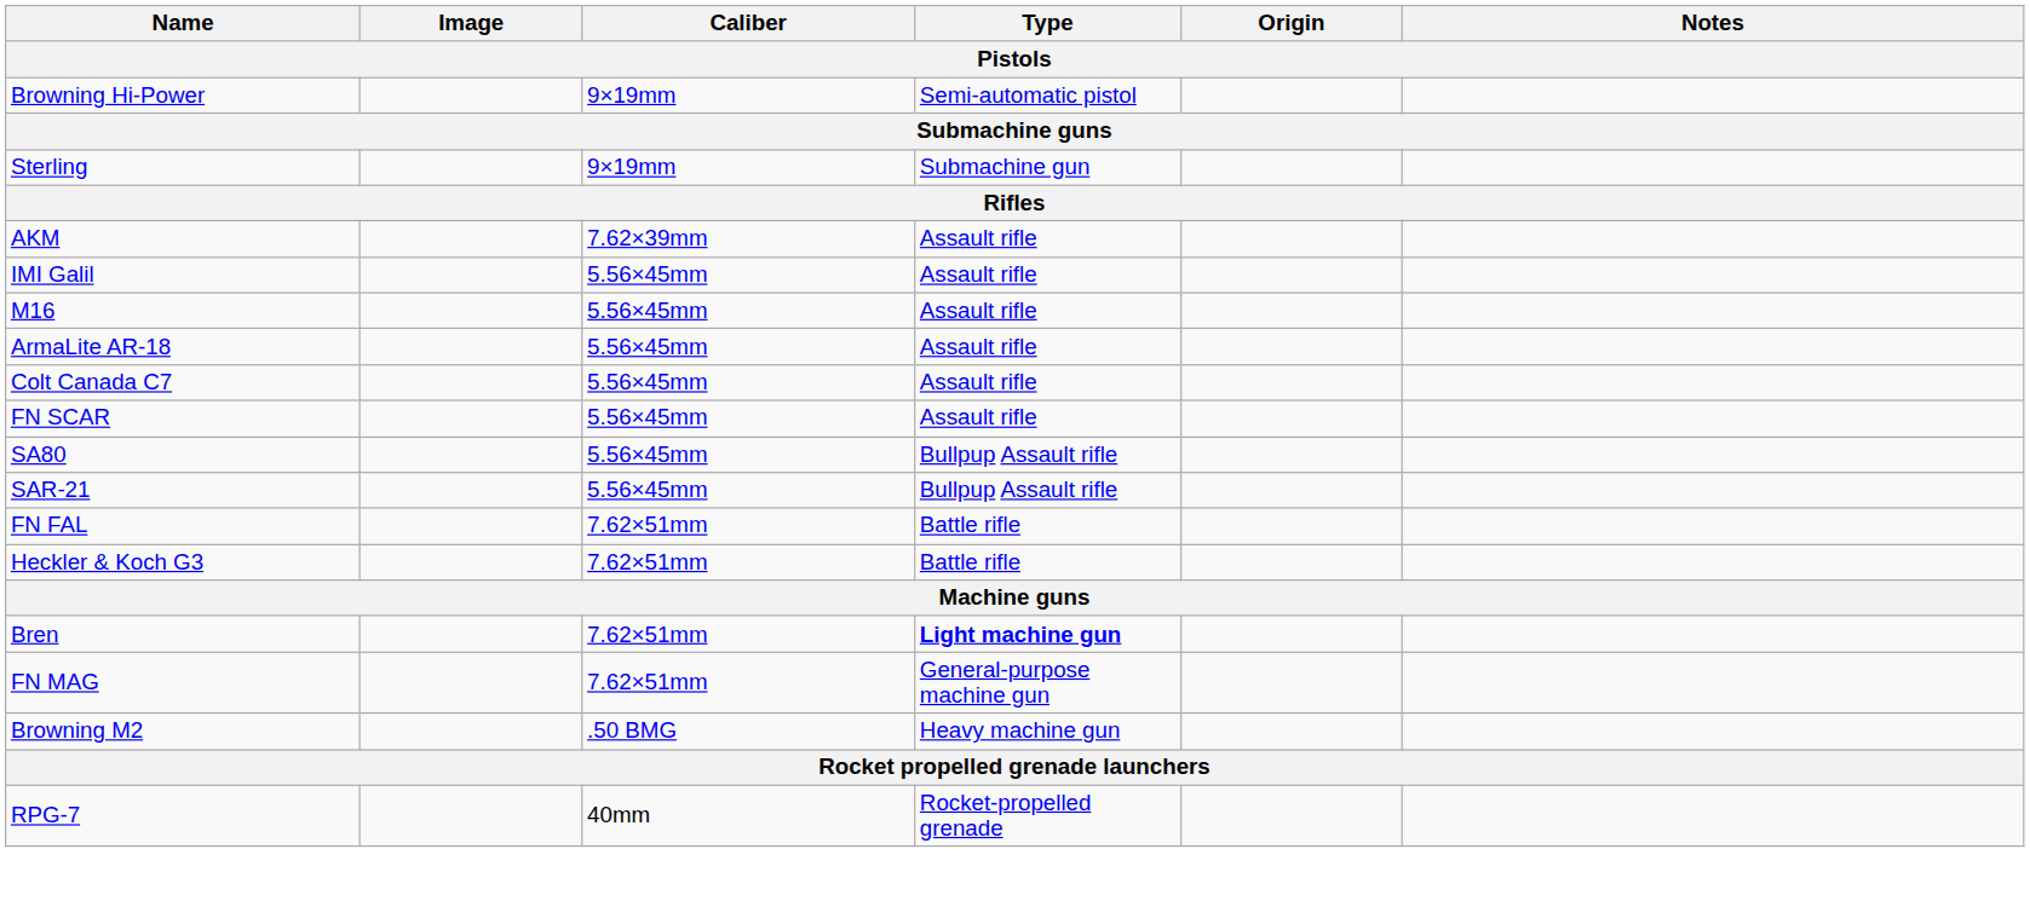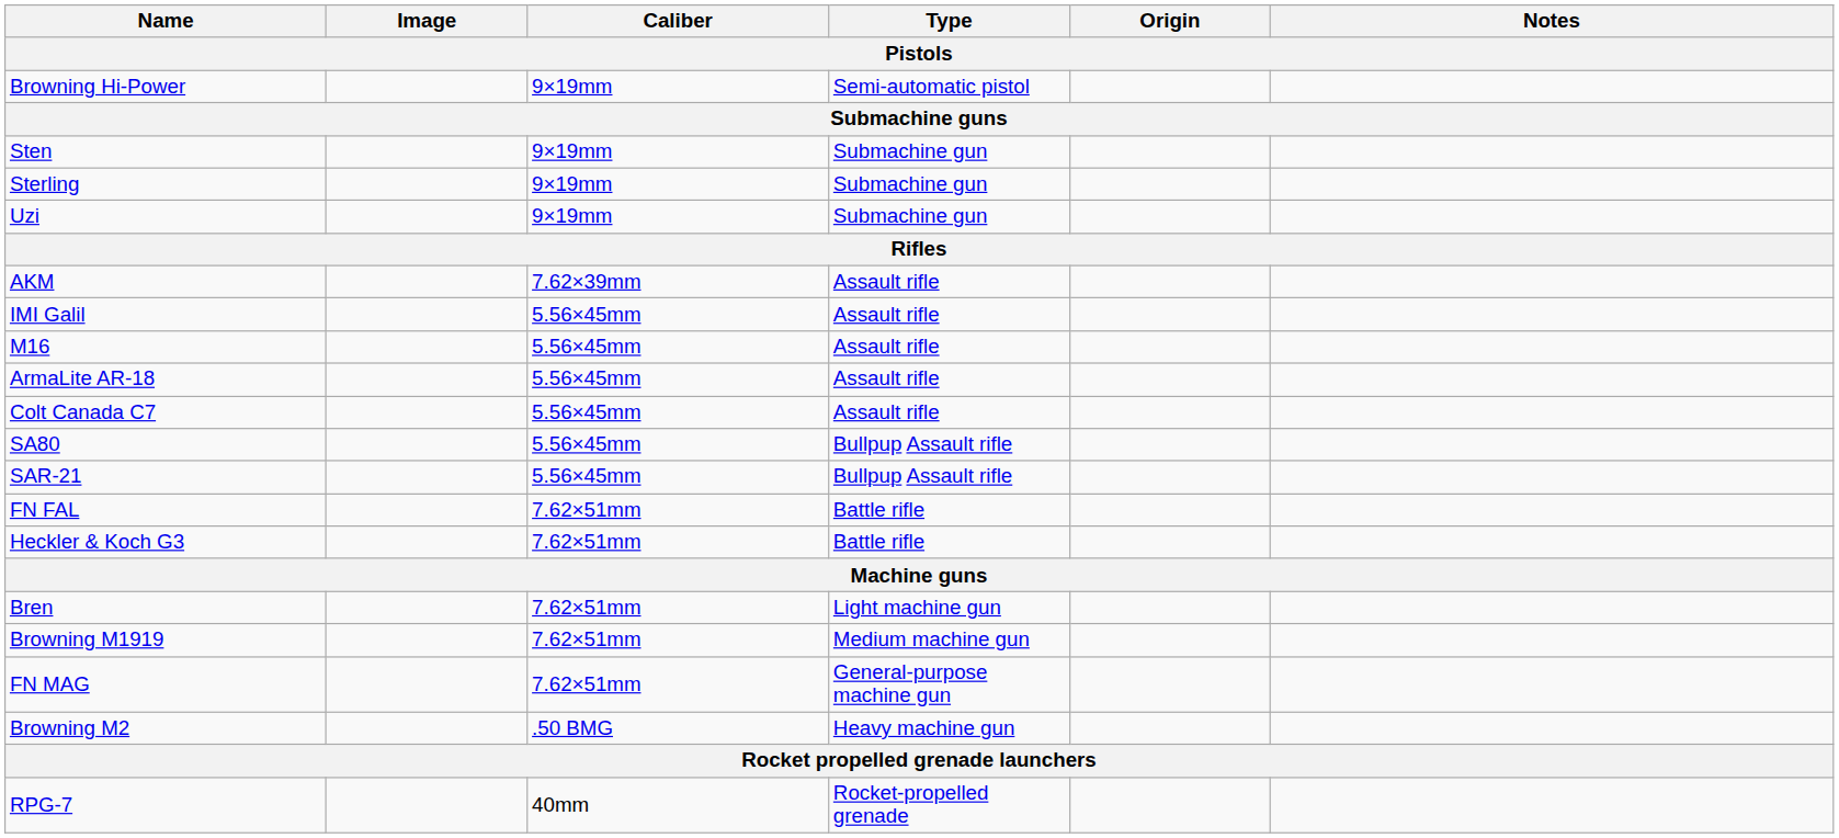 <table class="wikitable" style="width:90%;">
 <tr>
 <th width=16%>Name</th>
 <th width=10%>Image</th>
 <th width=15%>Caliber</th>
 <th width=12%>Type</th>
 <th width=10%>Origin</th>
 <th width=28%>Notes</th>
 </tr>
 <tr>
 <th colspan="6">Pistols</th>
 </tr>
 <tr>
 <td><a href='#'>Browning Hi-Power</a></td>
 <td></td>
 <td><a href='#'>9×19mm</a></td>
 <td><a href='#'>Semi-automatic pistol</a></td>
 <td> <br> </td>
 <td></td>
 </tr>
 <tr>
 <th colspan="6">Submachine guns</th>
 </tr>
 <tr>
+<td><a href='#'>Sten</a></td>
+<td></td>
+<td><a href='#'>9×19mm</a></td>
+<td><a href='#'>Submachine gun</a></td>
+<td></td>
+<td></td>
+</tr>
+<tr>
 <td><a href='#'>Sterling</a></td>
+<td></td>
+<td><a href='#'>9×19mm</a></td>
+<td><a href='#'>Submachine gun</a></td>
+<td></td>
+<td></td>
+</tr>
+<tr>
+<td><a href='#'>Uzi</a></td>
 <td></td>
 <td><a href='#'>9×19mm</a></td>
 <td><a href='#'>Submachine gun</a></td>
 <td></td>
 <td></td>
 </tr>
 <tr>
 <th colspan="6">Rifles</th>
 </tr>
 <tr>
 <td><a href='#'>AKM</a></td>
 <td></td>
 <td><a href='#'>7.62×39mm</a></td>
 <td><a href='#'>Assault rifle</a></td>
 <td></td>
 <td></td>
 </tr>
 <tr>
 <td><a href='#'>IMI Galil</a></td>
 <td></td>
 <td><a href='#'>5.56×45mm</a></td>
 <td><a href='#'>Assault rifle</a></td>
 <td></td>
 <td></td>
 </tr>
 <tr>
 <td><a href='#'>M16</a></td>
 <td></td>
 <td><a href='#'>5.56×45mm</a></td>
 <td><a href='#'>Assault rifle</a></td>
 <td></td>
 <td></td>
 </tr>
 <tr>
 <td><a href='#'>ArmaLite AR-18</a></td>
 <td></td>
 <td><a href='#'>5.56×45mm</a></td>
 <td><a href='#'>Assault rifle</a></td>
 <td></td>
 <td></td>
 </tr>
 <tr>
 <td><a href='#'>Colt Canada C7</a></td>
 <td></td>
 <td><a href='#'>5.56×45mm</a></td>
 <td><a href='#'>Assault rifle</a></td>
 <td></td>
 <td></td>
 </tr>
 <tr>
-<td><a href='#'>FN SCAR</a></td>
-<td><br></td>
-<td><a href='#'>5.56×45mm</a></td>
-<td><a href='#'>Assault rifle</a></td>
-<td></td>
-<td></td>
-</tr>
-<tr>
 <td><a href='#'>SA80</a></td>
 <td><br> </td>
 <td><a href='#'>5.56×45mm</a></td>
 <td><a href='#'>Bullpup</a> <a href='#'>Assault rifle</a></td>
 <td></td>
 <td></td>
 </tr>
 <tr>
 <td><a href='#'>SAR-21</a></td>
 <td></td>
 <td><a href='#'>5.56×45mm</a></td>
 <td><a href='#'>Bullpup</a> <a href='#'>Assault rifle</a></td>
 <td></td>
 <td></td>
 </tr>
 <tr>
 <td><a href='#'>FN FAL</a></td>
 <td></td>
 <td><a href='#'>7.62×51mm</a></td>
 <td><a href='#'>Battle rifle</a></td>
 <td></td>
 <td></td>
 </tr>
 <tr>
 <td><a href='#'>Heckler & Koch G3</a></td>
 <td></td>
 <td><a href='#'>7.62×51mm</a></td>
 <td><a href='#'>Battle rifle</a></td>
 <td></td>
 <td></td>
 </tr>
 <tr>
 <th colspan="6">Machine guns</th>
 </tr>
 <tr>
 <td><a href='#'>Bren</a></td>
 <td></td>
 <td><a href='#'>7.62×51mm</a></td>
-<td><strong><a href='#'>Light machine gun</a></strong></td>
+<td><a href='#'>Light machine gun</a></td>
 <td>  <br> </td>
+<td></td>
+</tr>
+<tr>
+<td><a href='#'>Browning M1919</a></td>
+<td></td>
+<td><a href='#'>7.62×51mm</a></td>
+<td><a href='#'>Medium machine gun</a></td>
+<td></td>
 <td></td>
 </tr>
 <tr>
 <td><a href='#'>FN MAG</a></td>
 <td></td>
 <td><a href='#'>7.62×51mm</a></td>
 <td><a href='#'>General-purpose machine gun</a></td>
 <td></td>
 <td></td>
 </tr>
 <tr>
 <td><a href='#'>Browning M2</a></td>
 <td></td>
 <td><a href='#'>.50 BMG</a></td>
 <td><a href='#'>Heavy machine gun</a></td>
 <td></td>
 <td></td>
 </tr>
 <tr>
 <th colspan="6">Rocket propelled grenade launchers</th>
 </tr>
 <tr>
 <td><a href='#'>RPG-7</a></td>
 <td></td>
 <td>40mm</td>
 <td><a href='#'>Rocket-propelled grenade</a></td>
 <td></td>
 <td></td>
 </tr>
 </table>
